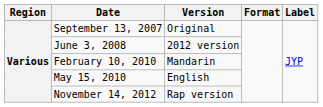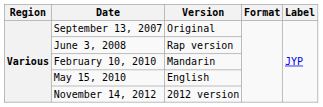 <table class="wikitable plainrowheaders">
 <tr>
 <th scope="col">Region</th>
 <th scope="col">Date</th>
 <th scope="col">Version</th>
 <th scope="col">Format</th>
 <th scope="col">Label</th>
 </tr>
 <tr>
 <th rowspan="5" scope="row">Various </th>
 <td>September 13, 2007</td>
 <td>Original</td>
 <td rowspan="5"></td>
 <td rowspan="5"><a href='#'>JYP</a></td>
 </tr>
 <tr>
 <td>June 3, 2008</td>
-<td>2012 version</td>
+<td>Rap version</td>
 </tr>
 <tr>
 <td>February 10, 2010</td>
 <td>Mandarin</td>
 </tr>
 <tr>
 <td>May 15, 2010</td>
 <td>English</td>
 </tr>
 <tr>
 <td>November 14, 2012</td>
-<td>Rap version</td>
+<td>2012 version</td>
 </tr>
 </table>
